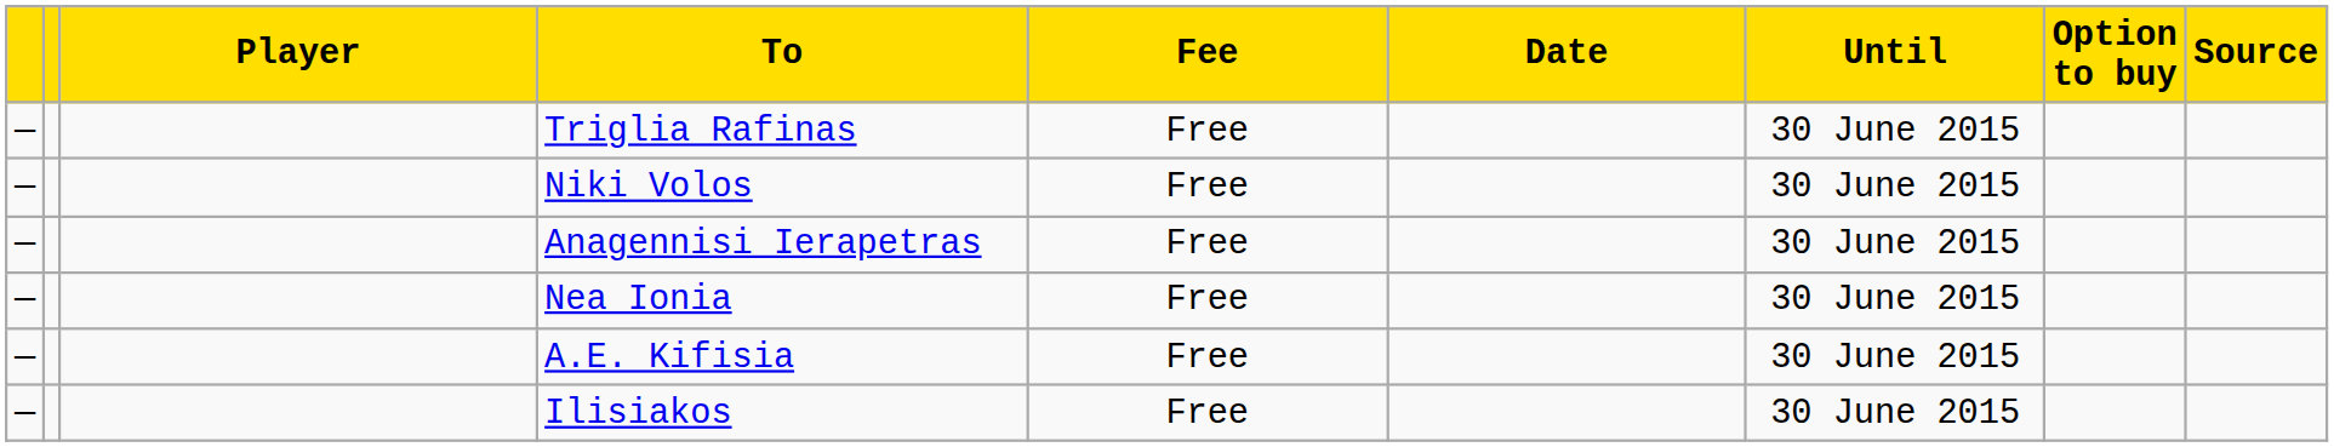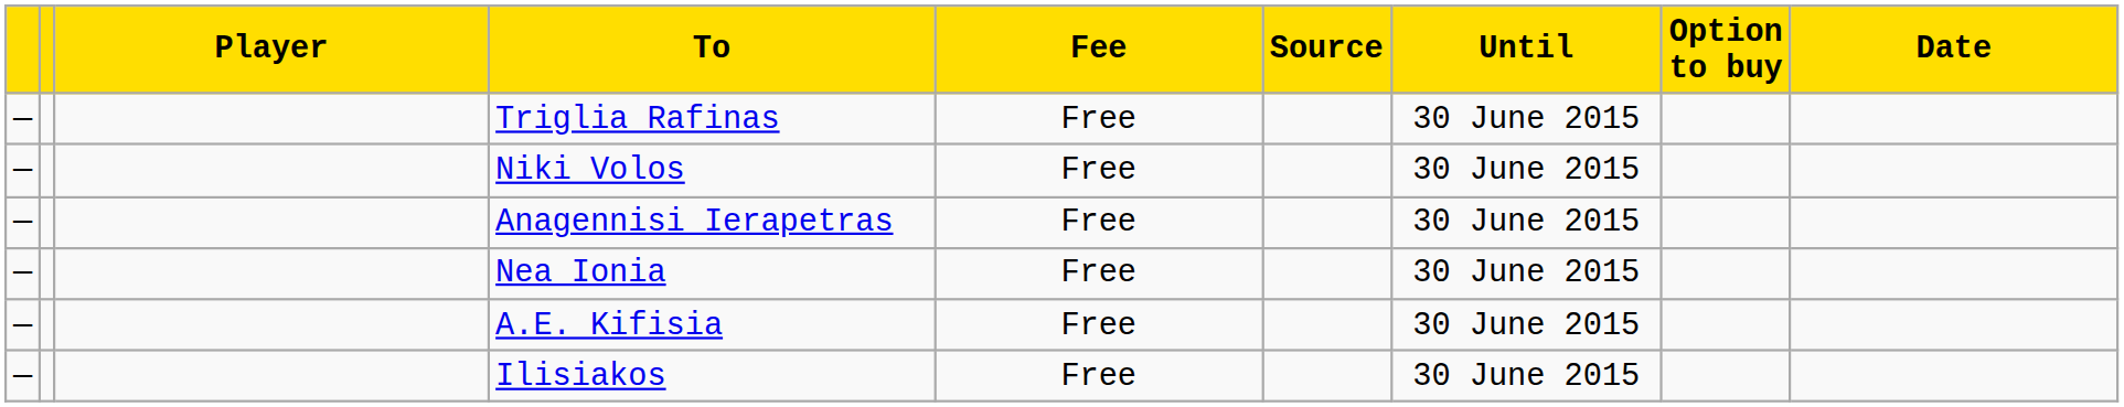 <table class="wikitable sortable">
 <tr>
 <th style="background:#FFDE00"></th>
 <th style="background:#FFDE00"></th>
 <th width=200 style="background:#FFDE00">Player</th>
 <th width=200 style="background:#FFDE00">To</th>
 <th width=150 style="background:#FFDE00">Fee</th>
-<th width=150 style="background:#FFDE00">Date</th>
+<th style="background:#FFDE00">Source</th>
 <th width=120 style="background:#FFDE00">Until</th>
 <th style="background:#FFDE00">Option to buy</th>
-<th style="background:#FFDE00">Source</th>
+<th width=150 style="background:#FFDE00">Date</th>
 </tr>
 <tr>
 <td align=center>—</td>
 <td align=center></td>
 <td></td>
 <td> <a href='#'>Triglia Rafinas</a></td>
 <td align=center>Free</td>
 <td align=center></td>
 <td align=center>30 June 2015</td>
 <td align=center></td>
 <td align=center></td>
 </tr>
 <tr>
 <td align=center>—</td>
 <td align=center></td>
 <td></td>
 <td> <a href='#'>Niki Volos</a></td>
 <td align=center>Free</td>
 <td align=center></td>
 <td align=center>30 June 2015</td>
 <td align=center></td>
 <td align=center></td>
 </tr>
 <tr>
 <td align=center>—</td>
 <td align=center></td>
 <td></td>
 <td> <a href='#'>Anagennisi Ierapetras</a></td>
 <td align=center>Free</td>
 <td align=center></td>
 <td align=center>30 June 2015</td>
 <td align=center></td>
 <td align=center></td>
 </tr>
 <tr>
 <td align=center>—</td>
 <td align=center></td>
 <td></td>
 <td> <a href='#'>Nea Ionia</a></td>
 <td align=center>Free</td>
 <td align=center></td>
 <td align=center>30 June 2015</td>
 <td align=center></td>
 <td align=center></td>
 </tr>
 <tr>
 <td align=center>—</td>
 <td align=center></td>
 <td></td>
 <td> <a href='#'>A.E. Kifisia</a></td>
 <td align=center>Free</td>
 <td align=center></td>
 <td align=center>30 June 2015</td>
 <td align=center></td>
 <td align=center></td>
 </tr>
 <tr>
 <td align=center>—</td>
 <td align=center></td>
 <td></td>
 <td> <a href='#'>Ilisiakos</a></td>
 <td align=center>Free</td>
 <td align=center></td>
 <td align=center>30 June 2015</td>
 <td align=center></td>
 <td align=center></td>
 </tr>
 </table>
